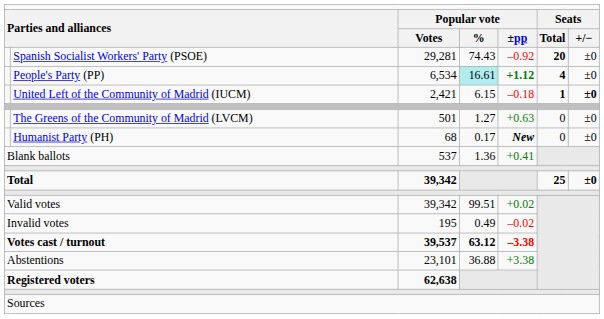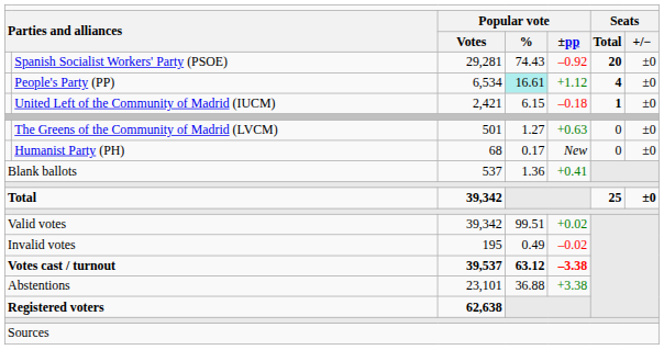 <table class="wikitable" style="text-align:right;">
 <tr>
 <td colspan="7"></td>
 </tr>
 <tr>
 <th style="text-align:left;" rowspan="2" colspan="2" width="525">Parties and alliances</th>
 <th colspan="3">Popular vote</th>
 <th colspan="2">Seats</th>
 </tr>
 <tr>
 <th width="75">Votes</th>
 <th width="45">%</th>
 <th width="45">±<a href='#'>pp</a></th>
 <th width="35">Total</th>
 <th width="35">+/−</th>
 </tr>
 <tr>
 <td width="1" style="color:inherit;background:"></td>
 <td align="left"><a href='#'>Spanish Socialist Workers' Party</a> (PSOE)</td>
 <td>29,281</td>
 <td>74.43</td>
 <td style="color:red;">–0.92</td>
 <td><strong>20</strong></td>
 <td>±0</td>
 </tr>
 <tr>
 <td style="color:inherit;background:"></td>
 <td align="left"><a href='#'>People's Party</a> (PP)</td>
 <td>6,534</td>
 <td style="background: paleturquoise;">16.61</td>
-<td style="color:green;"><strong>+1.12</strong></td>
+<td style="color:green;">+1.12</td>
 <td><strong>4</strong></td>
 <td>±0</td>
 </tr>
 <tr>
 <td style="color:inherit;background:"></td>
 <td align="left"><a href='#'>United Left of the Community of Madrid</a> (IUCM)</td>
 <td>2,421</td>
 <td>6.15</td>
 <td style="color:red;">–0.18</td>
 <td><strong>1</strong></td>
-<td><strong>±0</strong></td>
+<td>±0</td>
 </tr>
 <tr>
 <td colspan="7" bgcolor="#C0C0C0"></td>
 </tr>
 <tr>
 <td style="color:inherit;background:"></td>
 <td align="left"><a href='#'>The Greens of the Community of Madrid</a> (LVCM)</td>
 <td>501</td>
 <td>1.27</td>
 <td style="color:green;">+0.63</td>
 <td>0</td>
 <td>±0</td>
 </tr>
 <tr>
 <td style="color:inherit;background:"></td>
 <td align="left"><a href='#'>Humanist Party</a> (PH)</td>
 <td>68</td>
 <td>0.17</td>
-<td><strong><em>New</em></strong></td>
+<td><em>New</em></td>
 <td>0</td>
 <td>±0</td>
 </tr>
 <tr>
 <td align="left" colspan="2">Blank ballots</td>
 <td>537</td>
 <td>1.36</td>
 <td style="color:green;">+0.41</td>
 <td bgcolor="#E9E9E9" colspan="2"></td>
 </tr>
 <tr>
 <td colspan="7" bgcolor="#E9E9E9"></td>
 </tr>
 <tr style="font-weight:bold;">
 <td align="left" colspan="2">Total</td>
 <td>39,342</td>
 <td bgcolor="#E9E9E9" colspan="2"></td>
 <td>25</td>
 <td>±0</td>
 </tr>
 <tr>
 <td colspan="7" bgcolor="#E9E9E9"></td>
 </tr>
 <tr>
 <td align="left" colspan="2">Valid votes</td>
 <td>39,342</td>
 <td>99.51</td>
 <td style="color:green;">+0.02</td>
 <td bgcolor="#E9E9E9" colspan="2" rowspan="5"></td>
 </tr>
 <tr>
 <td align="left" colspan="2">Invalid votes</td>
 <td>195</td>
 <td>0.49</td>
 <td style="color:red;">–0.02</td>
 </tr>
 <tr style="font-weight:bold;">
 <td align="left" colspan="2">Votes cast / turnout</td>
 <td>39,537</td>
 <td>63.12</td>
 <td style="color:red;">–3.38</td>
 </tr>
 <tr>
 <td align="left" colspan="2">Abstentions</td>
 <td>23,101</td>
 <td>36.88</td>
 <td style="color:green;">+3.38</td>
 </tr>
 <tr style="font-weight:bold;">
 <td align="left" colspan="2">Registered voters</td>
 <td>62,638</td>
 <td bgcolor="#E9E9E9" colspan="2"></td>
 </tr>
 <tr>
 <td colspan="7" bgcolor="#E9E9E9"></td>
 </tr>
 <tr>
 <td align="left" colspan="7">Sources</td>
 </tr>
 </table>
